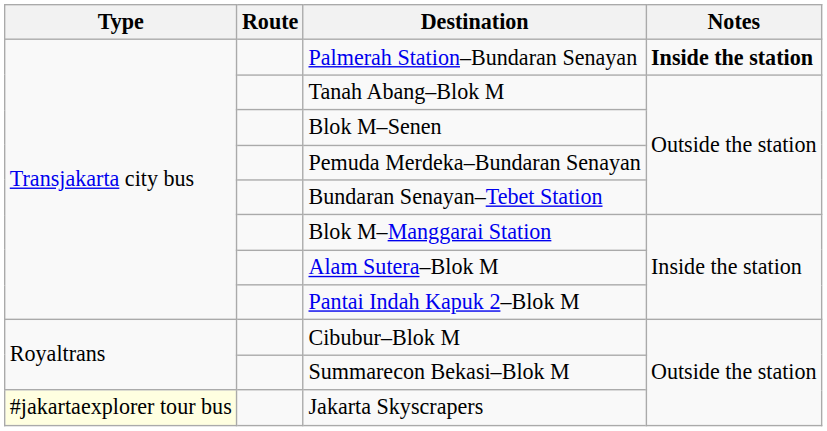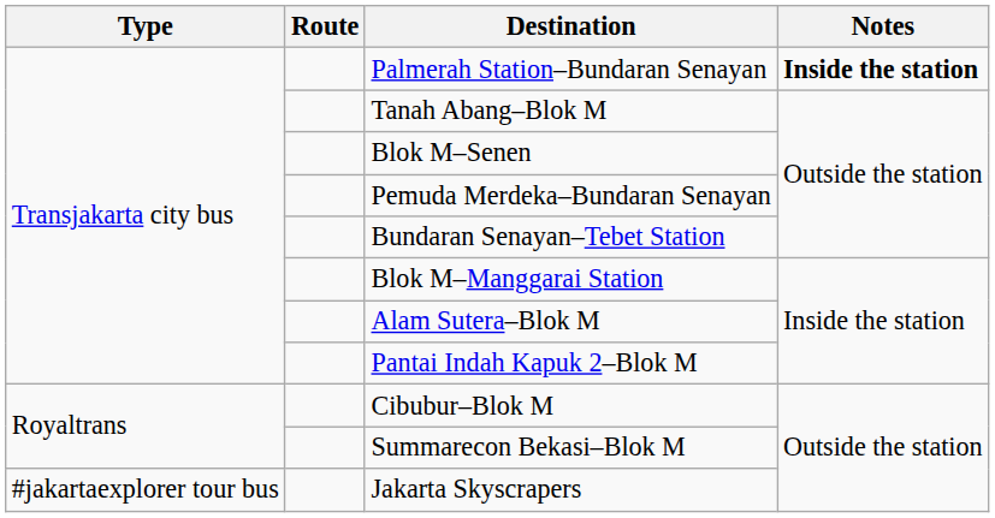 <table class="wikitable">
 <tr>
 <th>Type</th>
 <th>Route</th>
 <th>Destination</th>
 <th>Notes</th>
 </tr>
 <tr>
 <td rowspan="8"><a href='#'>Transjakarta</a> city bus</td>
 <td></td>
 <td><a href='#'>Palmerah Station</a>–Bundaran Senayan</td>
 <td><strong>Inside the station</strong></td>
 </tr>
 <tr>
 <td></td>
 <td>Tanah Abang–Blok M</td>
 <td rowspan="4">Outside the station</td>
 </tr>
 <tr>
 <td></td>
 <td>Blok M–Senen</td>
 </tr>
 <tr>
 <td></td>
 <td>Pemuda Merdeka–Bundaran Senayan</td>
 </tr>
 <tr>
 <td></td>
 <td>Bundaran Senayan–<a href='#'>Tebet Station</a></td>
 </tr>
 <tr>
 <td></td>
 <td>Blok M–<a href='#'>Manggarai Station</a></td>
 <td rowspan="3">Inside the station</td>
 </tr>
 <tr>
 <td></td>
 <td><a href='#'>Alam Sutera</a>–Blok M</td>
 </tr>
 <tr>
 <td></td>
 <td><a href='#'>Pantai Indah Kapuk 2</a>–Blok M</td>
 </tr>
 <tr>
 <td rowspan="2">Royaltrans</td>
 <td></td>
 <td>Cibubur–Blok M</td>
 <td rowspan="3">Outside the station</td>
 </tr>
 <tr>
 <td></td>
 <td>Summarecon Bekasi–Blok M</td>
 </tr>
 <tr>
-<td style="background: lightyellow;">#jakartaexplorer tour bus</td>
+<td>#jakartaexplorer tour bus</td>
 <td></td>
 <td>Jakarta Skyscrapers </td>
 </tr>
 </table>
